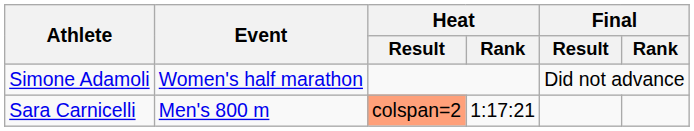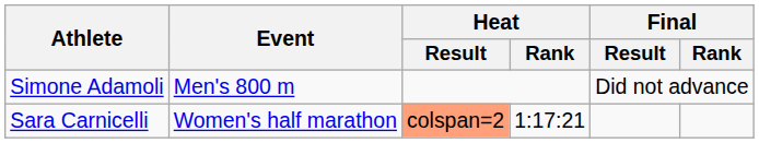 <table class="wikitable" style="font-size:90%">
 <tr>
 <th rowspan="2">Athlete</th>
 <th rowspan="2">Event</th>
 <th colspan="2">Heat</th>
 <th colspan="2">Final</th>
 </tr>
 <tr style="font-size:95%">
 <th>Result</th>
 <th>Rank</th>
 <th>Result</th>
 <th>Rank</th>
 </tr>
 <tr align=center>
 <td align=left><a href='#'>Simone Adamoli</a></td>
-<td align=left><a href='#'>Women's half marathon</a></td>
+<td align=left><a href='#'>Men's 800 m</a></td>
 <td colspan=2></td>
 <td colspan=2>Did not advance</td>
 </tr>
 <tr>
 <td align=left><a href='#'>Sara Carnicelli</a></td>
-<td align=left><a href='#'>Men's 800 m</a></td>
+<td align=left><a href='#'>Women's half marathon</a></td>
 <td style="background: lightsalmon;">colspan=2 </td>
 <td>1:17:21</td>
 <td></td>
 </tr>
 </table>
